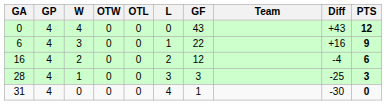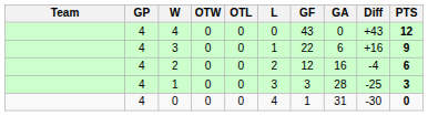 <table class="wikitable" style="text-align:center;">
 <tr>
-<th width=40>GA</th>
+<th width=165>Team</th>
 <th width=40>GP</th>
 <th width=40>W</th>
 <th width=40>OTW</th>
 <th width=40>OTL</th>
 <th width=40>L</th>
 <th width=40>GF</th>
-<th width=165>Team</th>
+<th width=40>GA</th>
 <th width=40>Diff</th>
 <th width=40>PTS</th>
 </tr>
 <tr bgcolor=#ccffcc>
-<td>0</td>
+<td style="text-align:left;"></td>
 <td>4</td>
 <td>4</td>
 <td>0</td>
 <td>0</td>
 <td>0</td>
 <td>43</td>
-<td style="text-align:left;"></td>
+<td>0</td>
 <td>+43</td>
 <td><strong>12</strong></td>
 </tr>
 <tr bgcolor=#ccffcc>
-<td>6</td>
+<td style="text-align:left;"></td>
 <td>4</td>
 <td>3</td>
 <td>0</td>
 <td>0</td>
 <td>1</td>
 <td>22</td>
-<td style="text-align:left;"></td>
+<td>6</td>
 <td>+16</td>
 <td><strong>9</strong></td>
 </tr>
 <tr bgcolor=#ccffcc>
-<td>16</td>
+<td style="text-align:left;"><strong></strong></td>
 <td>4</td>
 <td>2</td>
 <td>0</td>
 <td>0</td>
 <td>2</td>
 <td>12</td>
-<td style="text-align:left;"><strong></strong></td>
+<td>16</td>
 <td>-4</td>
 <td><strong>6</strong></td>
 </tr>
 <tr bgcolor=#ccffcc>
-<td>28</td>
+<td style="text-align:left;"></td>
 <td>4</td>
 <td>1</td>
 <td>0</td>
 <td>0</td>
 <td>3</td>
 <td>3</td>
-<td style="text-align:left;"></td>
+<td>28</td>
 <td>-25</td>
 <td><strong>3</strong></td>
 </tr>
 <tr>
-<td>31</td>
+<td style="text-align:left;"></td>
 <td>4</td>
 <td>0</td>
 <td>0</td>
 <td>0</td>
 <td>4</td>
 <td>1</td>
-<td style="text-align:left;"></td>
+<td>31</td>
 <td>-30</td>
 <td><strong>0</strong></td>
 </tr>
 </table>
